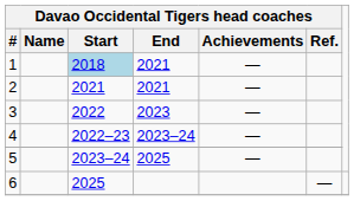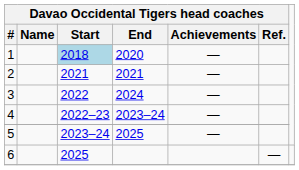 <table class="wikitable sortable">
 <tr>
 <th colspan="6">Davao Occidental Tigers head coaches</th>
 </tr>
 <tr>
 <th>#</th>
 <th>Name</th>
 <th>Start</th>
 <th>End</th>
 <th>Achievements</th>
 <th>Ref.</th>
 </tr>
 <tr>
 <td align=center>1</td>
 <td></td>
 <td style="background: lightblue;"><a href='#'>2018</a></td>
-<td><a href='#'>2021</a></td>
+<td><a href='#'>2020</a></td>
 <td align=center>—</td>
 <td></td>
 </tr>
 <tr>
 <td align=center>2</td>
 <td></td>
 <td><a href='#'>2021</a></td>
 <td><a href='#'>2021</a></td>
 <td align=center>—</td>
 <td></td>
 </tr>
 <tr>
 <td align=center>3</td>
 <td></td>
 <td><a href='#'>2022</a></td>
-<td><a href='#'>2023</a></td>
+<td><a href='#'>2024</a></td>
 <td align=center>—</td>
 <td></td>
 </tr>
 <tr>
 <td align=center>4</td>
 <td></td>
 <td><a href='#'>2022–23</a></td>
 <td><a href='#'>2023–24</a></td>
 <td align=center>—</td>
 <td></td>
 </tr>
 <tr>
 </tr>
 <tr>
 <td align=center>5</td>
 <td></td>
 <td><a href='#'>2023–24</a></td>
 <td><a href='#'>2025</a></td>
 <td align=center>—</td>
 <td></td>
 </tr>
 <tr>
 <td align=center>6</td>
 <td></td>
 <td><a href='#'>2025</a></td>
 <td></td>
 <td></td>
 <td align=center>—</td>
 <td></td>
 </tr>
 <tr>
 </tr>
 </table>
